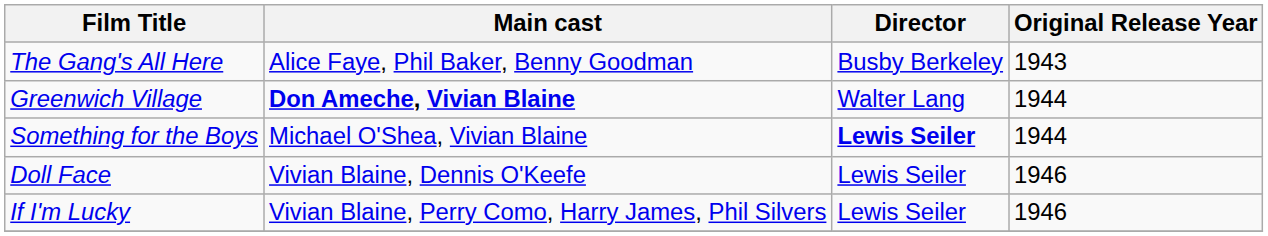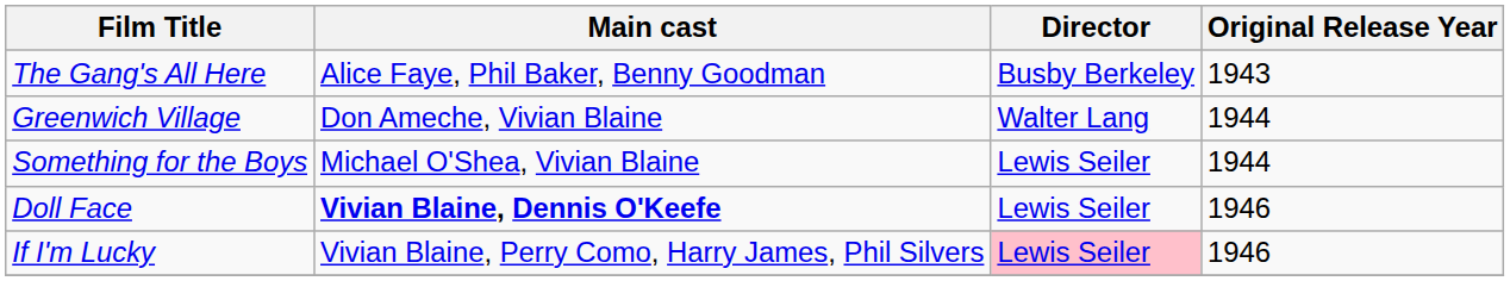 <table class="wikitable sortable">
 <tr>
 <th>Film Title</th>
 <th>Main cast</th>
 <th>Director</th>
 <th>Original Release Year</th>
 </tr>
 <tr>
 <td><em><a href='#'>The Gang's All Here</a></em></td>
 <td><a href='#'>Alice Faye</a>, <a href='#'>Phil Baker</a>, <a href='#'>Benny Goodman</a></td>
 <td><a href='#'>Busby Berkeley</a></td>
 <td>1943</td>
 </tr>
 <tr>
 <td><em><a href='#'>Greenwich Village</a></em></td>
-<td><strong><a href='#'>Don Ameche</a>, <a href='#'>Vivian Blaine</a></strong></td>
+<td><a href='#'>Don Ameche</a>, <a href='#'>Vivian Blaine</a></td>
 <td><a href='#'>Walter Lang</a></td>
 <td>1944</td>
 </tr>
 <tr>
 <td><em><a href='#'>Something for the Boys</a></em></td>
 <td><a href='#'>Michael O'Shea</a>, <a href='#'>Vivian Blaine</a></td>
-<td><strong><a href='#'>Lewis Seiler</a></strong></td>
+<td><a href='#'>Lewis Seiler</a></td>
 <td>1944</td>
 </tr>
 <tr>
 <td><em><a href='#'>Doll Face</a></em></td>
-<td><a href='#'>Vivian Blaine</a>, <a href='#'>Dennis O'Keefe</a></td>
+<td><strong><a href='#'>Vivian Blaine</a>, <a href='#'>Dennis O'Keefe</a></strong></td>
 <td><a href='#'>Lewis Seiler</a></td>
 <td>1946</td>
 </tr>
 <tr>
 <td><em><a href='#'>If I'm Lucky</a></em></td>
 <td><a href='#'>Vivian Blaine</a>, <a href='#'>Perry Como</a>, <a href='#'>Harry James</a>, <a href='#'>Phil Silvers</a></td>
-<td><a href='#'>Lewis Seiler</a></td>
+<td style="background: pink;"><a href='#'>Lewis Seiler</a></td>
 <td>1946</td>
 </tr>
 <tr>
 </tr>
 </table>
